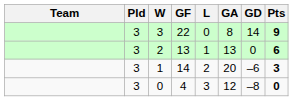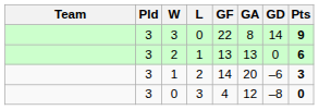 <table class="wikitable" style="text-align:center;">
 <tr>
 <th width=160>Team</th>
 <th width=25>Pld</th>
 <th width=25>W</th>
+<th width=25>L</th>
 <th width=25>GF</th>
-<th width=25>L</th>
 <th width=25>GA</th>
 <th width=25>GD</th>
 <th width=25>Pts</th>
 </tr>
 <tr bgcolor=#ccffcc>
 <td align=left></td>
 <td>3</td>
 <td>3</td>
+<td>0</td>
 <td>22</td>
-<td>0</td>
 <td>8</td>
 <td>14</td>
 <td><strong>9</strong></td>
 </tr>
 <tr bgcolor=#ccffcc>
 <td align=left></td>
 <td>3</td>
 <td>2</td>
+<td>1</td>
 <td>13</td>
-<td>1</td>
 <td>13</td>
 <td>0</td>
 <td><strong>6</strong></td>
 </tr>
 <tr>
 <td align=left></td>
 <td>3</td>
 <td>1</td>
+<td>2</td>
 <td>14</td>
-<td>2</td>
 <td>20</td>
 <td>–6</td>
 <td><strong>3</strong></td>
 </tr>
 <tr>
 <td align=left></td>
 <td>3</td>
 <td>0</td>
+<td>3</td>
 <td>4</td>
-<td>3</td>
 <td>12</td>
 <td>–8</td>
 <td><strong>0</strong></td>
 </tr>
 </table>
